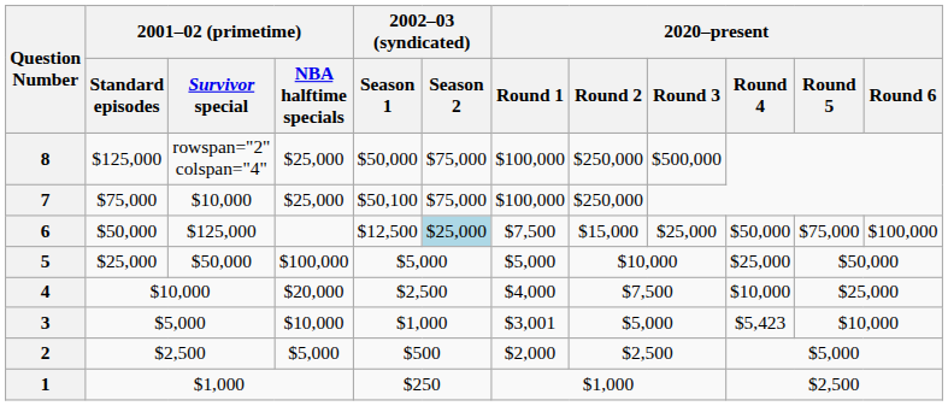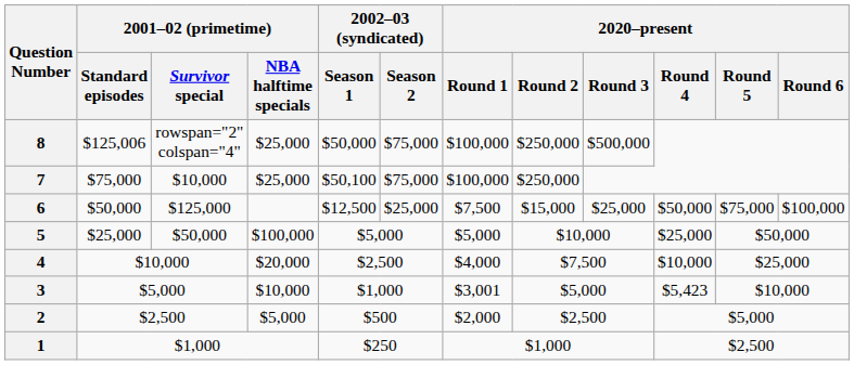 <table class="wikitable"  style="width:70%; text-align:center; font-size:90%">
 <tr>
 <th rowspan="2" style="width:25%;">Question Number</th>
 <th colspan="3">2001–02 (primetime)</th>
 <th colspan="2" style="width:50%;">2002–03 (syndicated)</th>
 <th colspan="6">2020–present</th>
 </tr>
 <tr>
 <th>Standard episodes</th>
 <th><em><a href='#'>Survivor</a></em> special</th>
 <th><a href='#'>NBA</a> halftime specials</th>
 <th>Season 1</th>
 <th>Season 2</th>
 <th>Round 1</th>
 <th>Round 2</th>
 <th>Round 3</th>
 <th>Round 4</th>
 <th>Round 5</th>
 <th>Round 6</th>
 </tr>
 <tr>
 <th>8</th>
-<td>$125,000</td>
+<td>$125,006</td>
 <td>rowspan="2" colspan="4" </td>
 <td>$25,000</td>
 <td>$50,000</td>
 <td>$75,000</td>
 <td>$100,000</td>
 <td>$250,000</td>
 <td>$500,000</td>
 </tr>
 <tr>
 <th>7</th>
 <td>$75,000</td>
 <td>$10,000</td>
 <td>$25,000</td>
 <td>$50,100</td>
 <td>$75,000</td>
 <td>$100,000</td>
 <td>$250,000</td>
 </tr>
 <tr>
 <th>6</th>
 <td>$50,000</td>
 <td>$125,000</td>
 <td></td>
 <td>$12,500</td>
-<td style="background: lightblue;">$25,000</td>
+<td>$25,000</td>
 <td>$7,500</td>
 <td>$15,000</td>
 <td>$25,000</td>
 <td>$50,000</td>
 <td>$75,000</td>
 <td>$100,000</td>
 </tr>
 <tr>
 <th>5</th>
 <td>$25,000</td>
 <td>$50,000</td>
 <td>$100,000</td>
 <td colspan="2">$5,000</td>
 <td>$5,000</td>
 <td colspan="2">$10,000</td>
 <td>$25,000</td>
 <td colspan="2">$50,000</td>
 </tr>
 <tr>
 <th>4</th>
 <td colspan="2">$10,000</td>
 <td>$20,000</td>
 <td colspan="2">$2,500</td>
 <td>$4,000</td>
 <td colspan="2">$7,500</td>
 <td>$10,000</td>
 <td colspan="2">$25,000</td>
 </tr>
 <tr>
 <th>3</th>
 <td colspan="2">$5,000</td>
 <td>$10,000</td>
 <td colspan="2">$1,000</td>
 <td>$3,001</td>
 <td colspan="2">$5,000</td>
 <td>$5,423</td>
 <td colspan="2">$10,000</td>
 </tr>
 <tr>
 <th>2</th>
 <td colspan="2">$2,500</td>
 <td>$5,000</td>
 <td colspan="2">$500</td>
 <td>$2,000</td>
 <td colspan="2">$2,500</td>
 <td colspan="3">$5,000</td>
 </tr>
 <tr>
 <th>1</th>
 <td colspan="3">$1,000</td>
 <td colspan="2">$250</td>
 <td colspan="3">$1,000</td>
 <td colspan="3">$2,500</td>
 </tr>
 </table>
